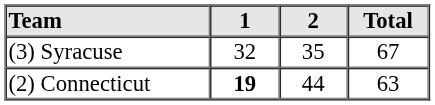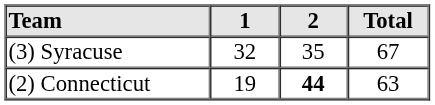 <table border=1 cellspacing=0 width=300 style="margin-left:3em;">
 <tr style="text-align:center; background-color:#e6e6e6;">
 <th align=left width=30%>Team</th>
 <th width=10%>1</th>
 <th width=10%>2</th>
 <th width=10%>Total</th>
 </tr>
 <tr style="text-align:center;">
 <td align=left>(3) Syracuse</td>
 <td>32</td>
 <td>35</td>
 <td>67</td>
 </tr>
 <tr style="text-align:center;">
 <td align=left>(2) Connecticut</td>
-<td><strong>19</strong></td>
-<td>44</td>
+<td>19</td>
+<td><strong>44</strong></td>
 <td>63</td>
 </tr>
 <tr style="text-align:center;">
 </tr>
 </table>
